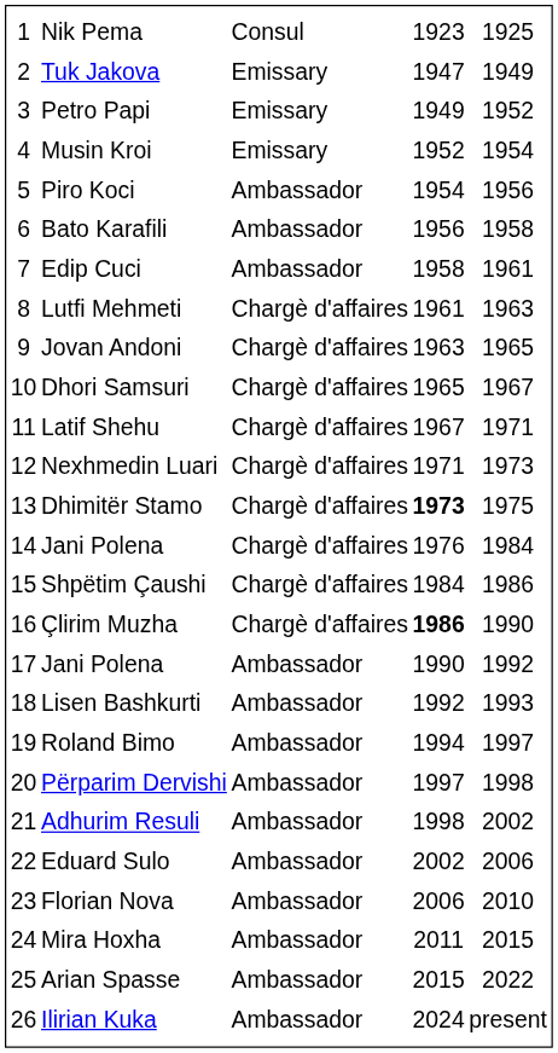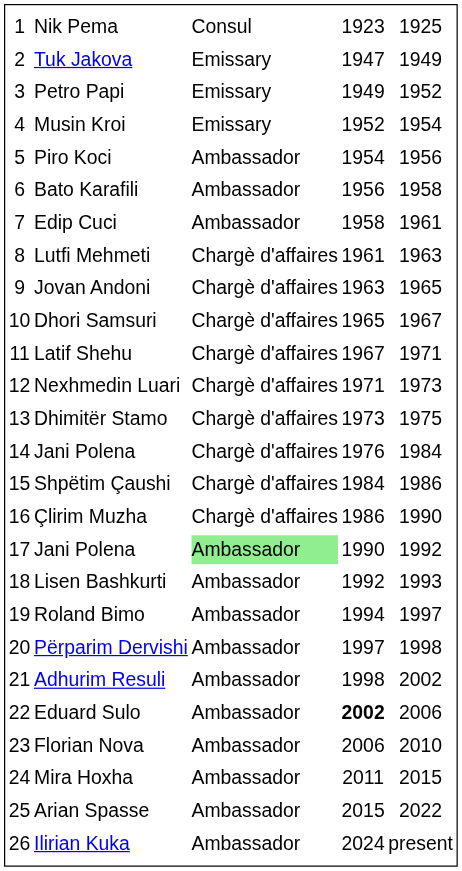 <table cellpadding="0" cellspacing="3" style="border:1px solid #000000; font-size:100%; line-height: 1.5em;">
 <tr>
 <td><strong></strong></td>
 <td><strong></strong></td>
 <td><strong></strong></td>
 <td colspan="2"></td>
 </tr>
 <tr>
 <td align=center>1</td>
 <td>Nik Pema</td>
 <td>Consul</td>
 <td align=center>1923</td>
 <td align=center>1925</td>
 </tr>
 <tr>
 <td align=center>2</td>
 <td><a href='#'>Tuk Jakova</a></td>
 <td>Emissary</td>
 <td align=center>1947</td>
 <td align=center>1949</td>
 </tr>
 <tr>
 <td align=center>3</td>
 <td>Petro Papi</td>
 <td>Emissary</td>
 <td align=center>1949</td>
 <td align=center>1952</td>
 </tr>
 <tr>
 <td align=center>4</td>
 <td>Musin Kroi</td>
 <td>Emissary</td>
 <td align=center>1952</td>
 <td align=center>1954</td>
 </tr>
 <tr>
 <td align=center>5</td>
 <td>Piro Koci</td>
 <td>Ambassador</td>
 <td align=center>1954</td>
 <td align=center>1956</td>
 </tr>
 <tr>
 <td align=center>6</td>
 <td>Bato Karafili</td>
 <td>Ambassador</td>
 <td align=center>1956</td>
 <td align=center>1958</td>
 </tr>
 <tr>
 <td align=center>7</td>
 <td>Edip Cuci</td>
 <td>Ambassador</td>
 <td align=center>1958</td>
 <td align=center>1961</td>
 </tr>
 <tr>
 <td align=center>8</td>
 <td>Lutfi Mehmeti</td>
 <td>Chargè d'affaires</td>
 <td align=center>1961</td>
 <td align=center>1963</td>
 </tr>
 <tr>
 <td align=center>9</td>
 <td>Jovan Andoni</td>
 <td>Chargè d'affaires</td>
 <td align=center>1963</td>
 <td align=center>1965</td>
 </tr>
 <tr>
 <td align=center>10</td>
 <td>Dhori Samsuri</td>
 <td>Chargè d'affaires</td>
 <td align=center>1965</td>
 <td align=center>1967</td>
 </tr>
 <tr>
 <td align=center>11</td>
 <td>Latif Shehu</td>
 <td>Chargè d'affaires</td>
 <td align=center>1967</td>
 <td align=center>1971</td>
 </tr>
 <tr>
 <td align=center>12</td>
 <td>Nexhmedin Luari</td>
 <td>Chargè d'affaires</td>
 <td align=center>1971</td>
 <td align=center>1973</td>
 </tr>
 <tr>
 <td align=center>13</td>
 <td>Dhimitër Stamo</td>
 <td>Chargè d'affaires</td>
-<td align=center><strong>1973</strong></td>
+<td align=center>1973</td>
 <td align=center>1975</td>
 </tr>
 <tr>
 <td align=center>14</td>
 <td>Jani Polena</td>
 <td>Chargè d'affaires</td>
 <td align=center>1976</td>
 <td align=center>1984</td>
 </tr>
 <tr>
 <td align=center>15</td>
 <td>Shpëtim Çaushi</td>
 <td>Chargè d'affaires</td>
 <td align=center>1984</td>
 <td align=center>1986</td>
 </tr>
 <tr>
 <td align=center>16</td>
 <td>Çlirim Muzha</td>
 <td>Chargè d'affaires</td>
-<td align=center><strong>1986</strong></td>
+<td align=center>1986</td>
 <td align=center>1990</td>
 </tr>
 <tr>
 <td align=center>17</td>
 <td>Jani Polena</td>
-<td>Ambassador</td>
+<td style="background: lightgreen;">Ambassador</td>
 <td align=center>1990</td>
 <td align=center>1992</td>
 </tr>
 <tr>
 <td align=center>18</td>
 <td>Lisen Bashkurti</td>
 <td>Ambassador</td>
 <td align=center>1992</td>
 <td align=center>1993</td>
 </tr>
 <tr>
 <td align=center>19</td>
 <td>Roland Bimo</td>
 <td>Ambassador</td>
 <td align=center>1994</td>
 <td align=center>1997</td>
 </tr>
 <tr>
 <td align=center>20</td>
 <td><a href='#'>Përparim Dervishi</a></td>
 <td>Ambassador</td>
 <td align=center>1997</td>
 <td align=center>1998</td>
 </tr>
 <tr>
 <td align=center>21</td>
 <td><a href='#'>Adhurim Resuli</a></td>
 <td>Ambassador</td>
 <td align=center>1998</td>
 <td align=center>2002</td>
 </tr>
 <tr>
 <td align=center>22</td>
 <td>Eduard Sulo</td>
 <td>Ambassador</td>
-<td align=center>2002</td>
+<td align=center><strong>2002</strong></td>
 <td align=center>2006</td>
 </tr>
 <tr>
 <td align=center>23</td>
 <td>Florian Nova</td>
 <td>Ambassador</td>
 <td align=center>2006</td>
 <td align=center>2010</td>
 </tr>
 <tr>
 <td align=center>24</td>
 <td>Mira Hoxha</td>
 <td>Ambassador</td>
 <td align=center>2011</td>
 <td align=center>2015</td>
 </tr>
 <tr>
 <td align=center>25</td>
 <td>Arian Spasse</td>
 <td>Ambassador</td>
 <td align=center>2015</td>
 <td align=center>2022</td>
 </tr>
 <tr>
 <td align=center>26</td>
 <td><a href='#'>Ilirian Kuka</a></td>
 <td>Ambassador</td>
 <td align=center>2024</td>
 <td align=center>present</td>
 </tr>
 <tr>
 </tr>
 </table>
